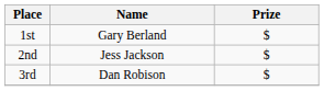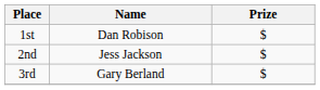 <table class="wikitable">
 <tr>
 <th width="50">Place</th>
 <th width="200">Name</th>
 <th width="125">Prize</th>
 </tr>
 <tr>
 <td align = "center">1st</td>
-<td align = "center">Gary Berland</td>
+<td align = "center">Dan Robison</td>
 <td align = "center">$</td>
 </tr>
 <tr>
 <td align = "center">2nd</td>
 <td align = "center">Jess Jackson</td>
 <td align = "center">$</td>
 </tr>
 <tr>
 <td align = "center">3rd</td>
-<td align = "center">Dan Robison</td>
+<td align = "center">Gary Berland</td>
 <td align = "center">$</td>
 </tr>
 <tr>
 </tr>
 </table>
